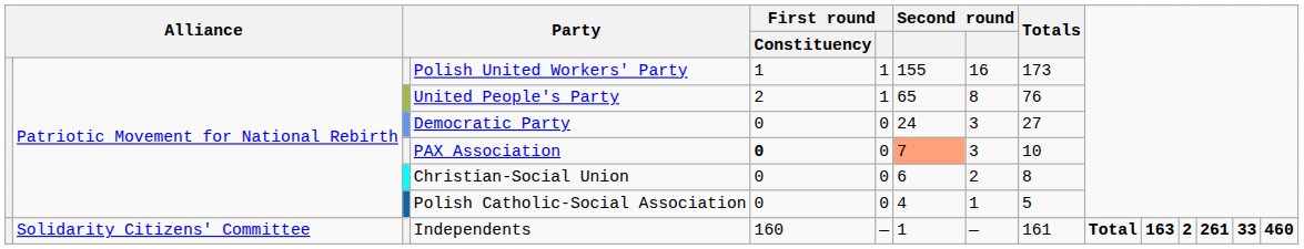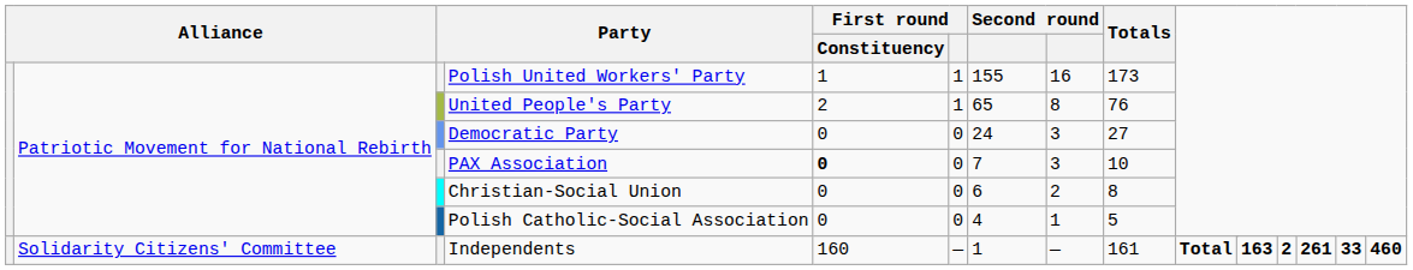 <table class="wikitable sortable">
 <tr>
 <th colspan=2 rowspan=2>Alliance</th>
 <th colspan=2 rowspan=2>Party</th>
 <th colspan=2>First round</th>
 <th colspan=2>Second round</th>
 <th rowspan=2>Totals</th>
 </tr>
 <tr>
 <th>Constituency</th>
 <th></th>
 <th></th>
 <th></th>
 </tr>
 <tr>
 <th rowspan=6 style="background:"></th>
 <td rowspan=6><a href='#'>Patriotic Movement for National Rebirth</a></td>
 <th style="background:"></th>
 <td><a href='#'>Polish United Workers' Party</a></td>
 <td>1</td>
 <td>1</td>
 <td>155</td>
 <td>16</td>
 <td>173</td>
 </tr>
 <tr>
 <th style="background:#A4BA45;"></th>
 <td><a href='#'>United People's Party</a></td>
 <td>2</td>
 <td>1</td>
 <td>65</td>
 <td>8</td>
 <td>76</td>
 </tr>
 <tr>
 <th style="background:#6495ED;"></th>
 <td><a href='#'>Democratic Party</a></td>
 <td>0</td>
 <td>0</td>
 <td>24</td>
 <td>3</td>
 <td>27</td>
 </tr>
 <tr>
 <th style="background:"></th>
 <td><a href='#'>PAX Association</a></td>
 <td><strong>0</strong></td>
 <td>0</td>
-<td style="background: lightsalmon;">7</td>
+<td>7</td>
 <td>3</td>
 <td>10</td>
 </tr>
 <tr>
 <th style="background:#00FFFF;"></th>
 <td>Christian-Social Union</td>
 <td>0</td>
 <td>0</td>
 <td>6</td>
 <td>2</td>
 <td>8</td>
 </tr>
 <tr>
 <th style="background:#1465A4;"></th>
 <td>Polish Catholic-Social Association</td>
 <td>0</td>
 <td>0</td>
 <td>4</td>
 <td>1</td>
 <td>5</td>
 </tr>
 <tr>
 <th style="background:"></th>
 <td><a href='#'>Solidarity Citizens' Committee</a></td>
 <th style="background:"></th>
 <td>Independents</td>
 <td>160</td>
 <td>—</td>
 <td>1</td>
 <td>—</td>
 <td>161</td>
 <td colspan=4><strong>Total</strong></td>
 <td><strong>163</strong></td>
 <td><strong>2</strong></td>
 <td><strong>261</strong></td>
 <td><strong>33</strong></td>
 <td><strong>460</strong></td>
 </tr>
 </table>
